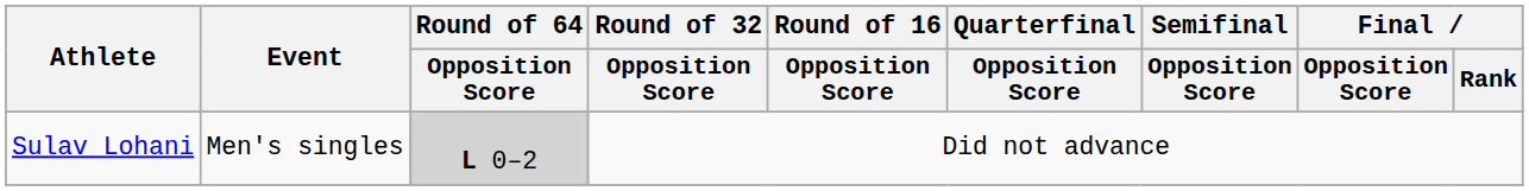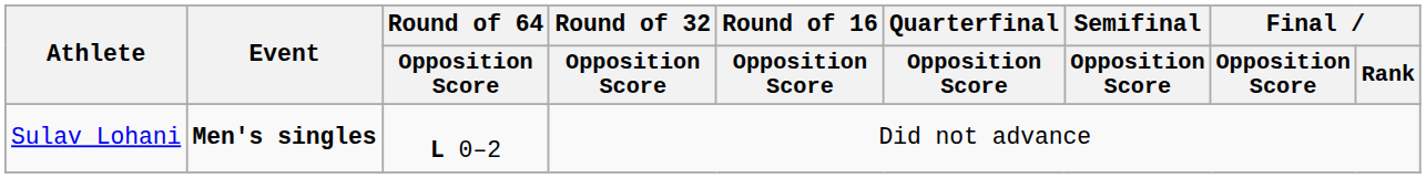 <table class="wikitable" style="font-size:90%; text-align:center">
 <tr>
 <th rowspan=2>Athlete</th>
 <th rowspan=2>Event</th>
 <th>Round of 64</th>
 <th>Round of 32</th>
 <th>Round of 16</th>
 <th>Quarterfinal</th>
 <th>Semifinal</th>
 <th colspan=2>Final / </th>
 </tr>
 <tr style="font-size:95%">
 <th>Opposition<br>Score</th>
 <th>Opposition<br>Score</th>
 <th>Opposition<br>Score</th>
 <th>Opposition<br>Score</th>
 <th>Opposition<br>Score</th>
 <th>Opposition<br>Score</th>
 <th>Rank</th>
 </tr>
 <tr>
 <td align="left"><a href='#'>Sulav Lohani</a></td>
-<td align="left">Men's singles</td>
-<td style="background: lightgrey;"><br><strong>L</strong> 0–2</td>
+<td align="left"><strong>Men's singles</strong></td>
+<td><br><strong>L</strong> 0–2</td>
 <td colspan=6>Did not advance</td>
 </tr>
 </table>
